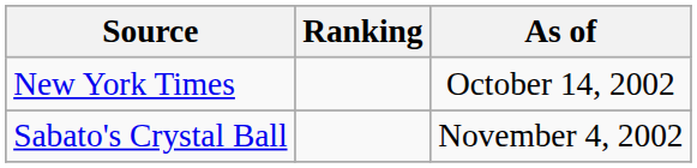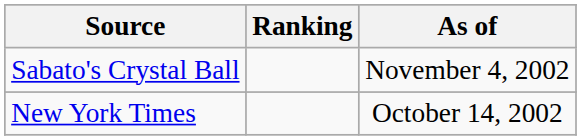 <table class="wikitable" style="text-align:center">
 <tr>
 <th>Source</th>
 <th>Ranking</th>
 <th>As of</th>
 </tr>
 <tr>
+<td align=left><a href='#'>Sabato's Crystal Ball</a></td>
+<td style="background:"></td>
+<td>November 4, 2002</td>
+</tr>
+<tr>
 <td align=left><a href='#'>New York Times</a></td>
 <td style="background:"></td>
 <td>October 14, 2002</td>
 </tr>
-<tr>
-<td align=left><a href='#'>Sabato's Crystal Ball</a></td>
-<td style="background:"></td>
-<td>November 4, 2002</td>
-</tr>
 </table>
